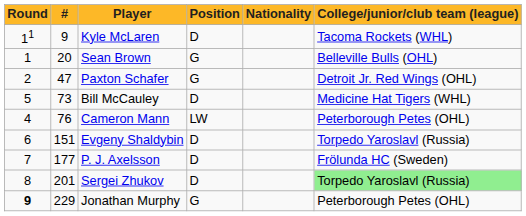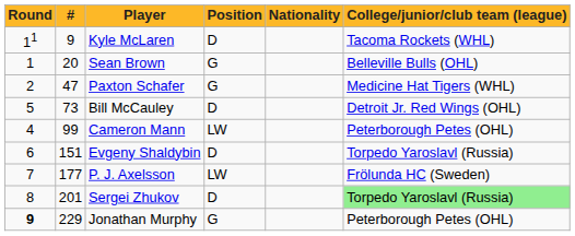 <table class="wikitable">
 <tr>
 <th style="background:#fdb827; color:#231f20;">Round</th>
 <th style="background:#fdb827; color:#231f20;">#</th>
 <th style="background:#fdb827; color:#231f20;">Player</th>
 <th style="background:#fdb827; color:#231f20;">Position</th>
 <th style="background:#fdb827; color:#231f20;">Nationality</th>
 <th style="background:#fdb827; color:#231f20;">College/junior/club team (league)</th>
 </tr>
 <tr>
 <td style="text-align:center;">1<sup>1</sup></td>
 <td style="text-align:center;">9</td>
 <td><a href='#'>Kyle McLaren</a></td>
 <td>D</td>
 <td></td>
 <td><a href='#'>Tacoma Rockets</a> (<a href='#'>WHL</a>)</td>
 </tr>
 <tr>
 <td style="text-align:center;">1</td>
 <td style="text-align:center;">20</td>
 <td><a href='#'>Sean Brown</a></td>
 <td>G</td>
 <td></td>
 <td><a href='#'>Belleville Bulls</a> (<a href='#'>OHL</a>)</td>
 </tr>
 <tr>
 <td style="text-align:center;">2</td>
 <td style="text-align:center;">47</td>
 <td><a href='#'>Paxton Schafer</a></td>
 <td>G</td>
 <td></td>
-<td><a href='#'>Detroit Jr. Red Wings</a> (OHL)</td>
+<td><a href='#'>Medicine Hat Tigers</a> (WHL)</td>
 </tr>
 <tr>
 <td style="text-align:center;">5</td>
 <td style="text-align:center;">73</td>
 <td>Bill McCauley</td>
 <td>D</td>
 <td></td>
-<td><a href='#'>Medicine Hat Tigers</a> (WHL)</td>
+<td><a href='#'>Detroit Jr. Red Wings</a> (OHL)</td>
 </tr>
 <tr>
 <td style="text-align:center;">4</td>
-<td style="text-align:center;">76</td>
+<td style="text-align:center;">99</td>
 <td><a href='#'>Cameron Mann</a></td>
 <td>LW</td>
 <td></td>
 <td><a href='#'>Peterborough Petes</a> (OHL)</td>
 </tr>
 <tr>
 <td style="text-align:center;">6</td>
 <td style="text-align:center;">151</td>
 <td><a href='#'>Evgeny Shaldybin</a></td>
 <td>D</td>
 <td></td>
 <td><a href='#'>Torpedo Yaroslavl</a> (Russia)</td>
 </tr>
 <tr>
 <td style="text-align:center;">7</td>
 <td style="text-align:center;">177</td>
 <td><a href='#'>P. J. Axelsson</a></td>
-<td>D</td>
+<td>LW</td>
 <td></td>
 <td><a href='#'>Frölunda HC</a> (Sweden)</td>
 </tr>
 <tr>
 <td style="text-align:center;">8</td>
 <td style="text-align:center;">201</td>
 <td><a href='#'>Sergei Zhukov</a></td>
 <td>D</td>
 <td></td>
 <td style="background: lightgreen;">Torpedo Yaroslavl (Russia)</td>
 </tr>
 <tr>
 <td style="text-align:center;"><strong>9</strong></td>
 <td style="text-align:center;">229</td>
 <td>Jonathan Murphy</td>
 <td>G</td>
 <td></td>
 <td>Peterborough Petes (OHL)</td>
 </tr>
 </table>
